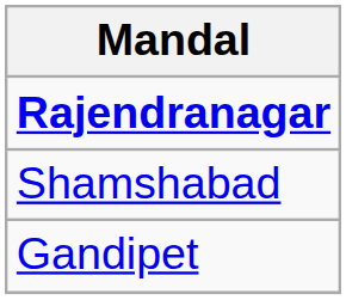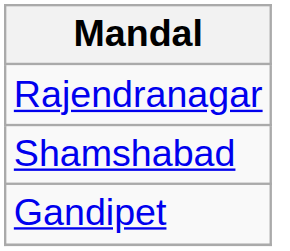 <table class="wikitable sortable static-row-numbers static-row-header-hash">
 <tr>
 <th>Mandal</th>
 </tr>
 <tr>
-<td><strong><a href='#'>Rajendranagar</a></strong></td>
+<td><a href='#'>Rajendranagar</a></td>
 </tr>
 <tr>
 <td><a href='#'>Shamshabad</a></td>
 </tr>
 <tr>
 <td><a href='#'>Gandipet</a></td>
 </tr>
 <tr>
 </tr>
 </table>
